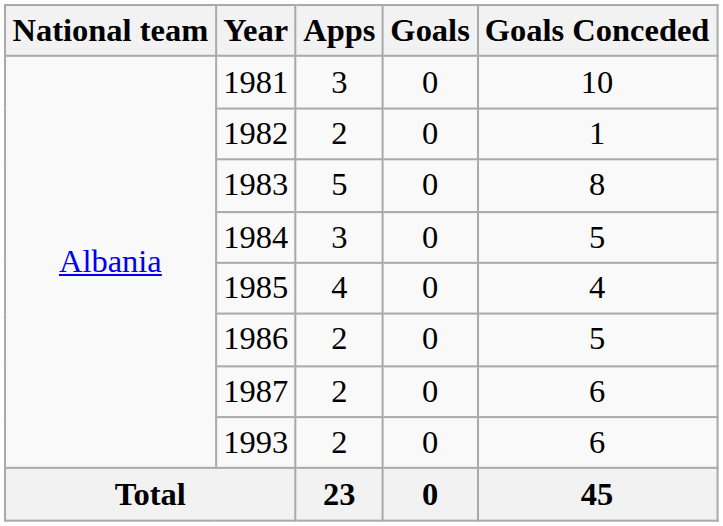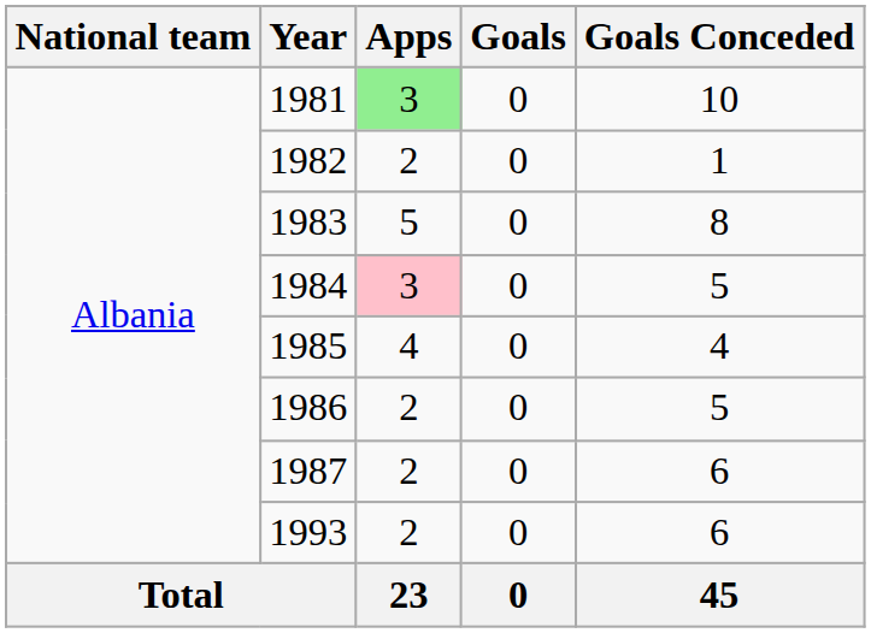 <table class=wikitable style="text-align: center;">
 <tr>
 <th>National team</th>
 <th>Year</th>
 <th>Apps</th>
 <th>Goals</th>
 <th>Goals Conceded</th>
 </tr>
 <tr>
 <td rowspan=8><a href='#'>Albania</a></td>
 <td>1981</td>
-<td>3</td>
+<td style="background: lightgreen;">3</td>
 <td>0</td>
 <td>10</td>
 </tr>
 <tr>
 <td>1982</td>
 <td>2</td>
 <td>0</td>
 <td>1</td>
 </tr>
 <tr>
 <td>1983</td>
 <td>5</td>
 <td>0</td>
 <td>8</td>
 </tr>
 <tr>
 <td>1984</td>
-<td>3</td>
+<td style="background: pink;">3</td>
 <td>0</td>
 <td>5</td>
 </tr>
 <tr>
 <td>1985</td>
 <td>4</td>
 <td>0</td>
 <td>4</td>
 </tr>
 <tr>
 <td>1986</td>
 <td>2</td>
 <td>0</td>
 <td>5</td>
 </tr>
 <tr>
 <td>1987</td>
 <td>2</td>
 <td>0</td>
 <td>6</td>
 </tr>
 <tr>
 <td>1993</td>
 <td>2</td>
 <td>0</td>
 <td>6</td>
 </tr>
 <tr>
 <th colspan=2>Total</th>
 <th>23</th>
 <th>0</th>
 <th>45</th>
 </tr>
 </table>
